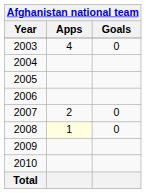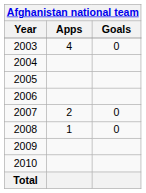 <table class="wikitable" style="text-align:center">
 <tr>
 <th colspan=3><a href='#'>Afghanistan national team</a></th>
 </tr>
 <tr>
 <th>Year</th>
 <th>Apps</th>
 <th>Goals</th>
 </tr>
 <tr>
 </tr>
 <tr>
 <td>2003</td>
 <td>4</td>
 <td>0</td>
 </tr>
 <tr>
 <td>2004</td>
 <td></td>
 <td></td>
 </tr>
 <tr>
 <td>2005</td>
 <td></td>
 <td></td>
 </tr>
 <tr>
 <td>2006</td>
 <td></td>
 <td></td>
 </tr>
 <tr>
 <td>2007</td>
 <td>2</td>
 <td>0</td>
 </tr>
 <tr>
 <td>2008</td>
-<td style="background: lightyellow;">1</td>
+<td>1</td>
 <td>0</td>
 </tr>
 <tr>
 <td>2009</td>
 <td></td>
 <td></td>
 </tr>
 <tr>
 <td>2010</td>
 <td></td>
 <td></td>
 </tr>
 <tr>
 <th>Total</th>
 <th></th>
 <th></th>
 </tr>
 </table>
